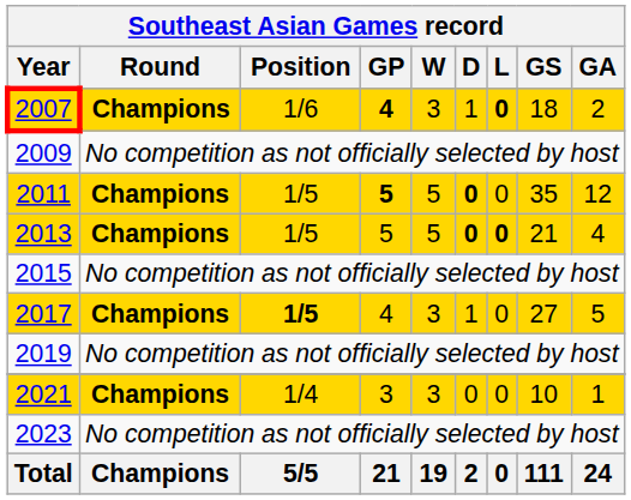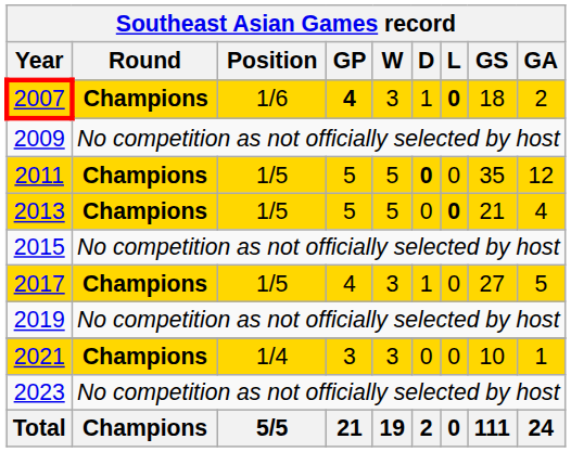 <table class="wikitable" style="text-align: center;font-size:90%;">
 <tr>
 <th colspan=9><a href='#'>Southeast Asian Games</a> record</th>
 </tr>
 <tr>
 <th>Year</th>
 <th>Round</th>
 <th>Position</th>
 <th>GP</th>
 <th>W</th>
 <th>D</th>
 <th>L</th>
 <th>GS</th>
 <th>GA</th>
 </tr>
 <tr bgcolor=gold>
 <td style="border: 3px solid red"> <a href='#'>2007</a></td>
 <td><strong>Champions</strong></td>
 <td>1/6</td>
 <td><strong>4</strong></td>
 <td>3</td>
 <td>1</td>
 <td><strong>0</strong></td>
 <td>18</td>
 <td>2</td>
 </tr>
 <tr>
 <td> <a href='#'>2009</a></td>
 <td colspan=8><em>No competition as not officially selected by host</em></td>
 </tr>
 <tr bgcolor=gold>
 <td> <a href='#'>2011</a></td>
 <td><strong>Champions</strong></td>
 <td>1/5</td>
-<td><strong>5</strong></td>
+<td>5</td>
 <td>5</td>
 <td><strong>0</strong></td>
 <td>0</td>
 <td>35</td>
 <td>12</td>
 </tr>
 <tr bgcolor=gold>
 <td> <a href='#'>2013</a></td>
 <td><strong>Champions</strong></td>
 <td>1/5</td>
 <td>5</td>
 <td>5</td>
-<td><strong>0</strong></td>
+<td>0</td>
 <td><strong>0</strong></td>
 <td>21</td>
 <td>4</td>
 </tr>
 <tr>
 <td> <a href='#'>2015</a></td>
 <td colspan=8><em>No competition as not officially selected by host</em></td>
 </tr>
 <tr bgcolor=gold>
 <td> <a href='#'>2017</a></td>
 <td><strong>Champions</strong></td>
-<td><strong>1/5</strong></td>
+<td>1/5</td>
 <td>4</td>
 <td>3</td>
 <td>1</td>
 <td>0</td>
 <td>27</td>
 <td>5</td>
 </tr>
 <tr>
 <td> <a href='#'>2019</a></td>
 <td colspan=8><em>No competition as not officially selected by host</em></td>
 </tr>
 <tr>
 </tr>
 <tr bgcolor=gold>
 <td> <a href='#'>2021</a></td>
 <td><strong>Champions</strong></td>
 <td>1/4</td>
 <td>3</td>
 <td>3</td>
 <td>0</td>
 <td>0</td>
 <td>10</td>
 <td>1</td>
 </tr>
 <tr>
 <td> <a href='#'>2023</a></td>
 <td colspan=8><em>No competition as not officially selected by host</em></td>
 </tr>
 <tr>
 <th><strong>Total</strong></th>
 <th><strong>Champions</strong></th>
 <th><strong>5/5</strong></th>
 <th><strong>21</strong></th>
 <th><strong>19</strong></th>
 <th><strong>2</strong></th>
 <th><strong>0</strong></th>
 <th><strong>111</strong></th>
 <th><strong>24</strong></th>
 </tr>
 </table>
